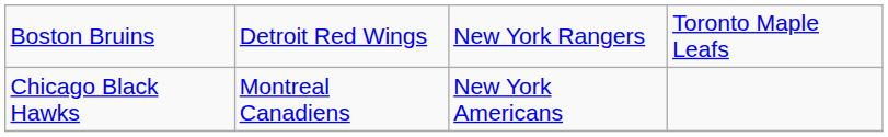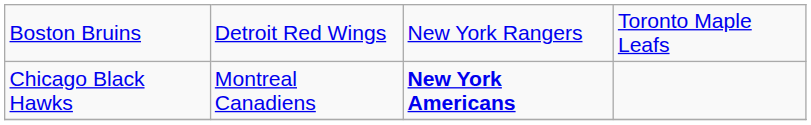 <table class="wikitable">
 <tr>
 <td><a href='#'>Boston Bruins</a></td>
 <td><a href='#'>Detroit Red Wings</a></td>
 <td><a href='#'>New York Rangers</a></td>
 <td><a href='#'>Toronto Maple Leafs</a></td>
 </tr>
 <tr>
 <td><a href='#'>Chicago Black Hawks</a></td>
 <td><a href='#'>Montreal Canadiens</a></td>
-<td><a href='#'>New York Americans</a></td>
+<td><strong><a href='#'>New York Americans</a></strong></td>
 <td> </td>
 </tr>
 <tr>
 </tr>
 </table>
